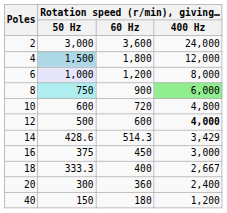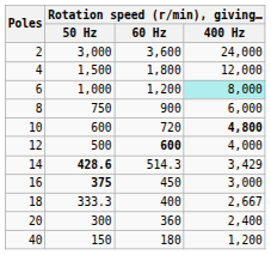 <table class="wikitable" style="text-align:right;">
 <tr>
 <th rowspan=2>Poles</th>
 <th colspan=3>Rotation speed (r/min), giving…</th>
 </tr>
 <tr>
 <th>50 Hz</th>
 <th>60 Hz</th>
 <th>400 Hz</th>
 </tr>
 <tr>
 <td>2</td>
 <td>3,000</td>
 <td>3,600</td>
 <td>24,000</td>
 </tr>
 <tr>
 <td>4</td>
-<td style="background: lightblue;">1,500</td>
+<td>1,500</td>
 <td>1,800</td>
 <td>12,000</td>
 </tr>
 <tr>
 <td>6</td>
-<td style="background: lavender;">1,000</td>
+<td>1,000</td>
 <td>1,200</td>
-<td>8,000</td>
+<td style="background: paleturquoise;">8,000</td>
 </tr>
 <tr>
 <td>8</td>
-<td style="background: paleturquoise;">750</td>
+<td>750</td>
 <td>900</td>
-<td style="background: lightgreen;">6,000</td>
+<td>6,000</td>
 </tr>
 <tr>
 <td>10</td>
 <td>600</td>
 <td>720</td>
-<td>4,800</td>
+<td><strong>4,800</strong></td>
 </tr>
 <tr>
 <td>12</td>
 <td>500</td>
-<td>600</td>
-<td><strong>4,000</strong></td>
+<td><strong>600</strong></td>
+<td>4,000</td>
 </tr>
 <tr>
 <td>14</td>
-<td>428.6</td>
+<td><strong>428.6</strong></td>
 <td>514.3</td>
 <td>3,429</td>
 </tr>
 <tr>
 <td>16</td>
-<td>375</td>
+<td><strong>375</strong></td>
 <td>450</td>
 <td>3,000</td>
 </tr>
 <tr>
 <td>18</td>
 <td>333.3</td>
 <td>400</td>
 <td>2,667</td>
 </tr>
 <tr>
 <td>20</td>
 <td>300</td>
 <td>360</td>
 <td>2,400</td>
 </tr>
 <tr>
 <td>40</td>
 <td>150</td>
 <td>180</td>
 <td>1,200</td>
 </tr>
 </table>
